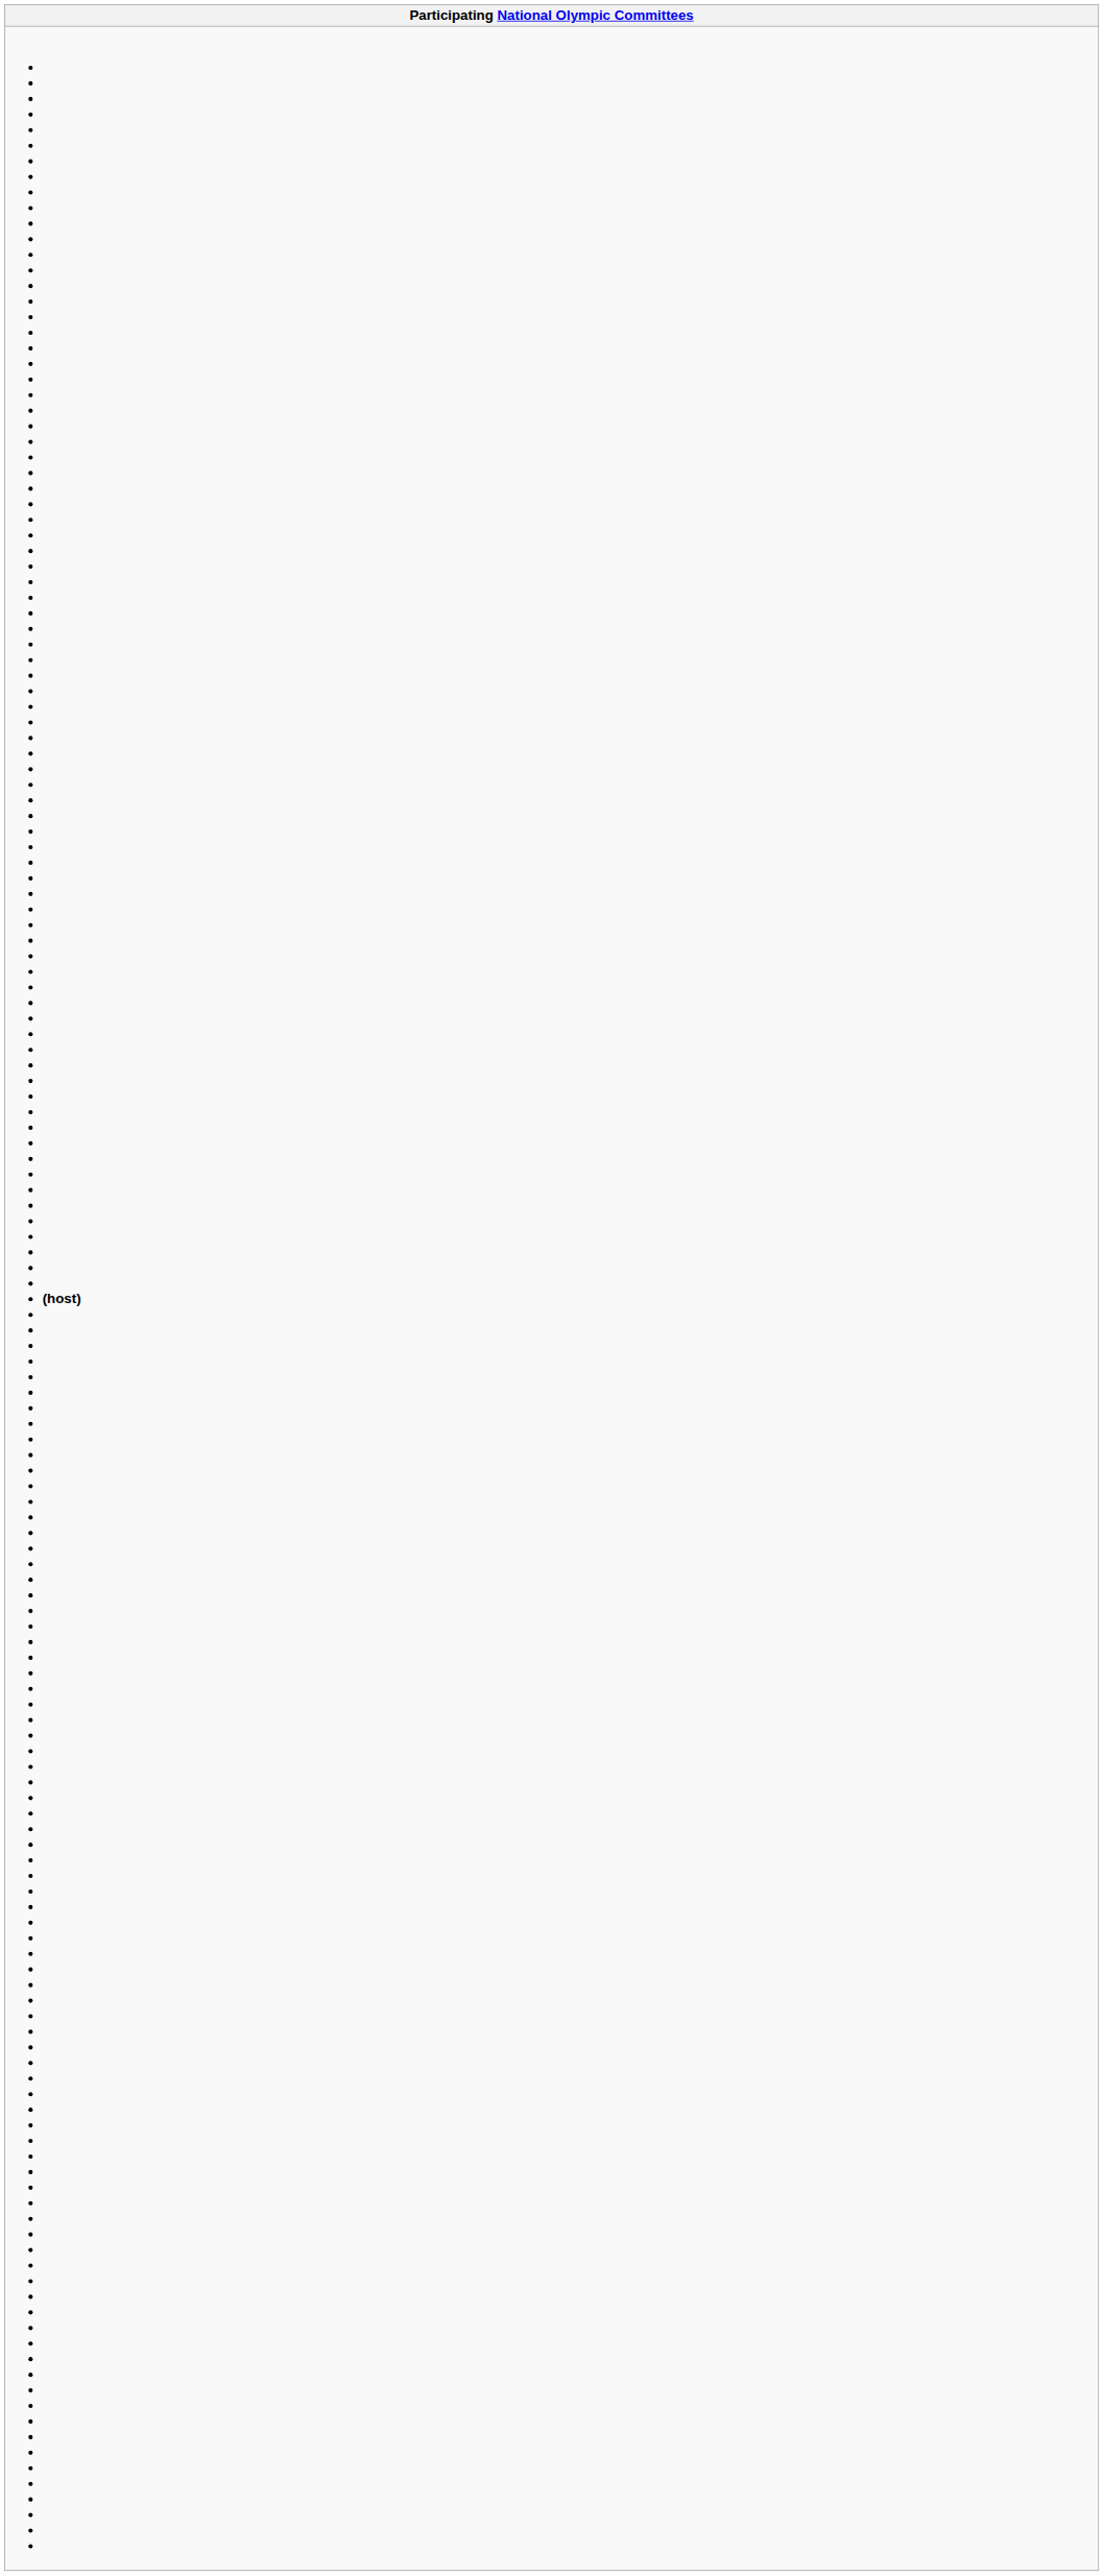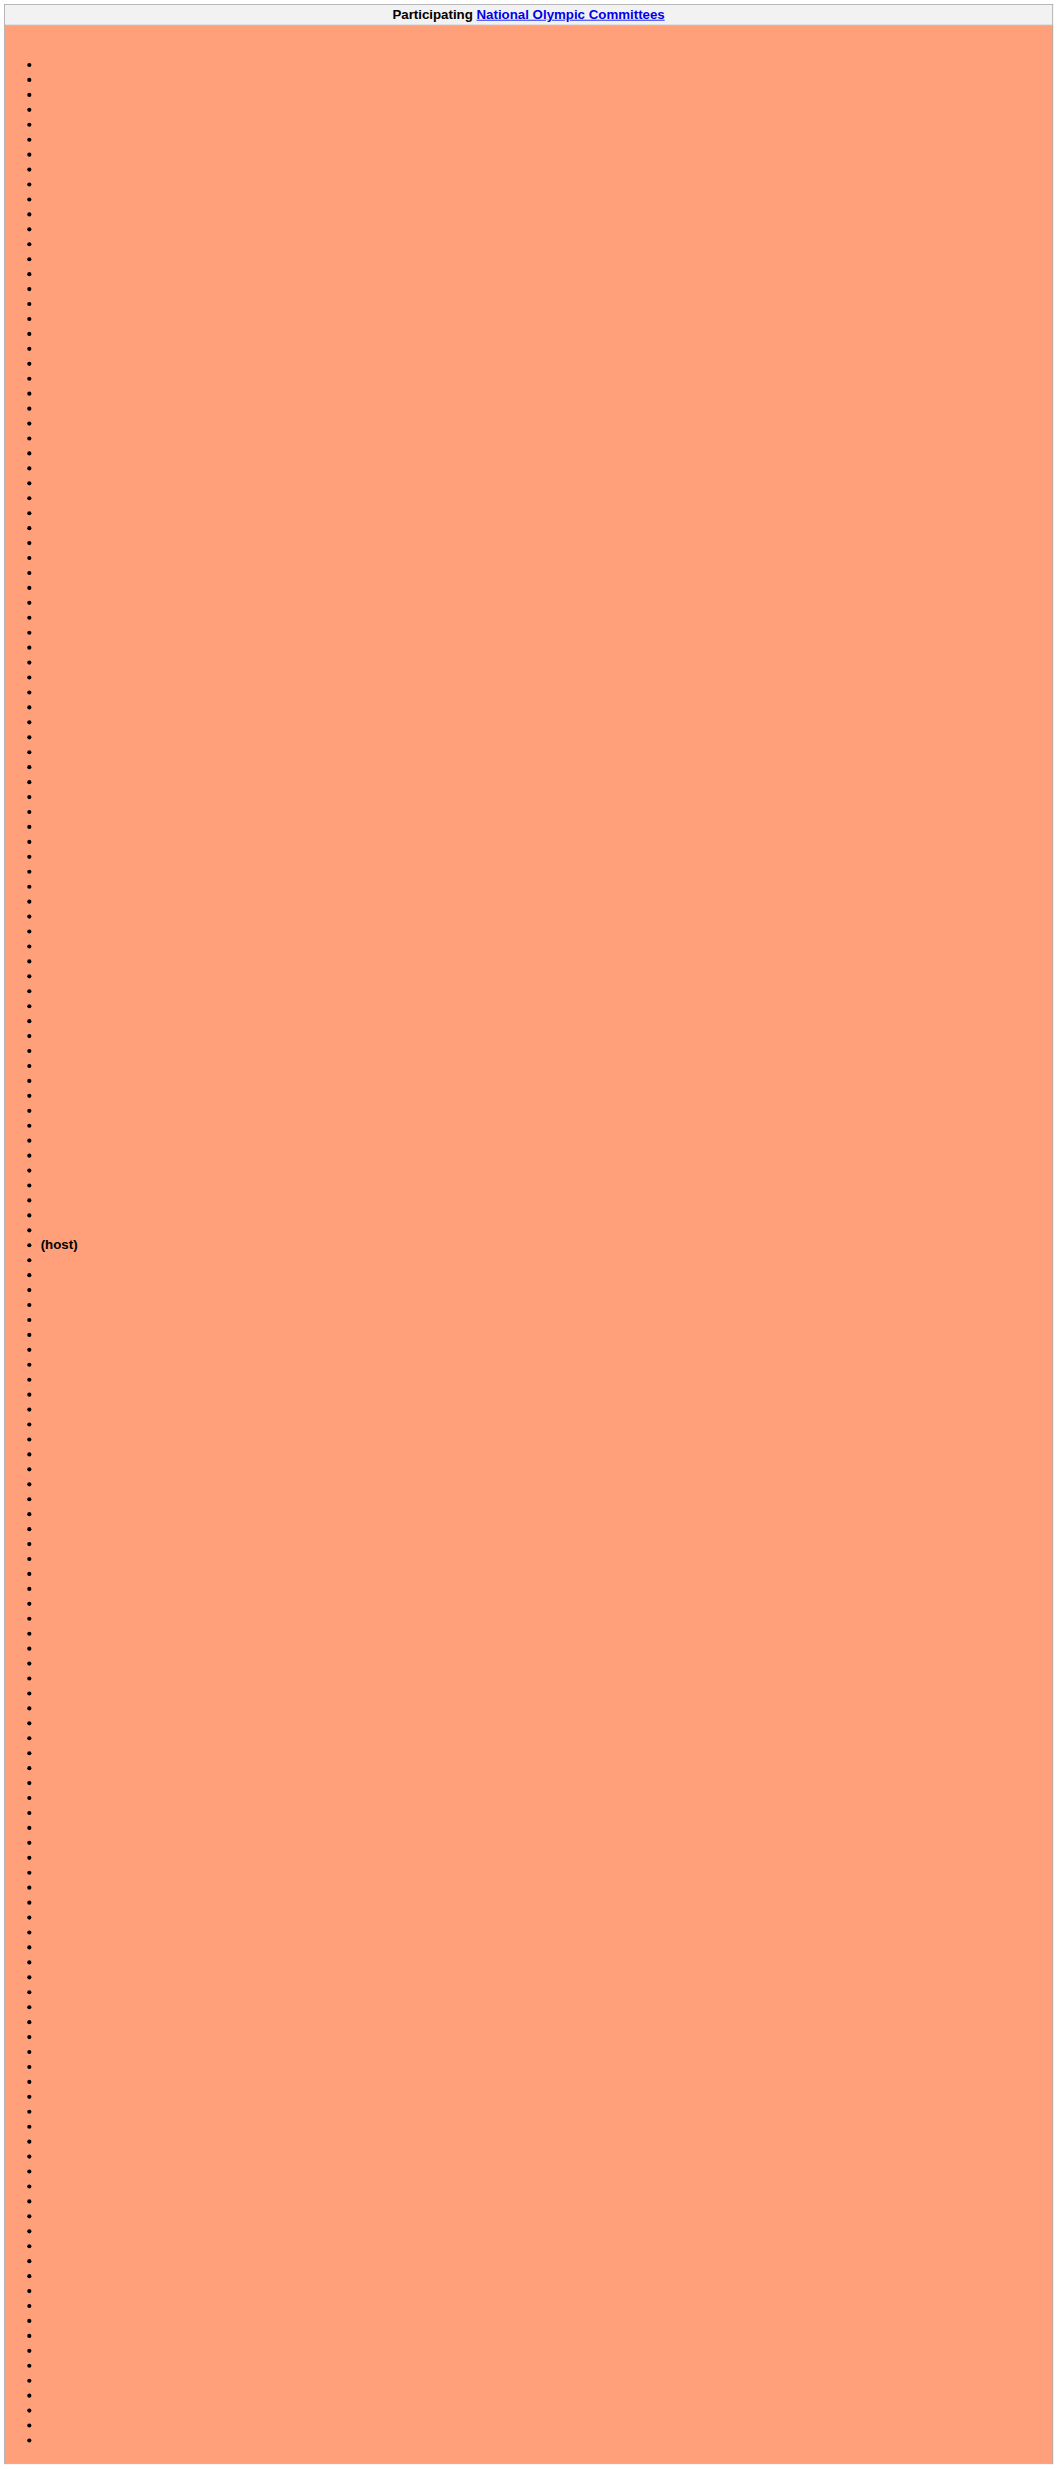 <table class="wikitable collapsible" style="margin:1em auto; width:100%;">
 <tr>
 <th>Participating <a href='#'>National Olympic Committees</a></th>
 </tr>
 <tr>
-<td><br><ul><li></li><li></li><li></li><li></li><li></li><li></li><li></li><li></li><li></li><li></li><li></li><li></li><li></li><li></li><li></li><li></li><li></li><li></li><li></li><li></li><li></li><li></li><li></li><li></li><li></li><li></li><li></li><li></li><li></li><li></li><li></li><li></li><li></li><li></li><li></li><li></li><li></li><li></li><li></li><li></li><li></li><li></li><li></li><li></li><li></li><li></li><li></li><li></li><li></li><li></li><li></li><li></li><li></li><li></li><li></li><li></li><li></li><li></li><li></li><li></li><li></li><li></li><li></li><li></li><li></li><li></li><li></li><li></li><li></li><li></li><li></li><li></li><li></li><li></li><li></li><li></li><li></li><li></li><li></li><li> <strong>(host)</strong></li><li></li><li></li><li></li><li></li><li></li><li></li><li></li><li></li><li></li><li></li><li></li><li></li><li></li><li></li><li></li><li></li><li></li><li></li><li></li><li></li><li></li><li></li><li></li><li></li><li></li><li></li><li></li><li></li><li></li><li></li><li></li><li></li><li></li><li></li><li></li><li></li><li></li><li></li><li></li><li></li><li></li><li></li><li></li><li></li><li></li><li></li><li></li><li></li><li></li><li></li><li></li><li></li><li></li><li></li><li></li><li></li><li></li><li></li><li></li><li></li><li></li><li></li><li></li><li></li><li></li><li></li><li></li><li></li><li></li><li></li><li></li><li></li><li></li><li></li><li></li><li></li><li></li><li></li><li></li><li></li></ul> </td>
+<td style="background: lightsalmon;"><br><ul><li></li><li></li><li></li><li></li><li></li><li></li><li></li><li></li><li></li><li></li><li></li><li></li><li></li><li></li><li></li><li></li><li></li><li></li><li></li><li></li><li></li><li></li><li></li><li></li><li></li><li></li><li></li><li></li><li></li><li></li><li></li><li></li><li></li><li></li><li></li><li></li><li></li><li></li><li></li><li></li><li></li><li></li><li></li><li></li><li></li><li></li><li></li><li></li><li></li><li></li><li></li><li></li><li></li><li></li><li></li><li></li><li></li><li></li><li></li><li></li><li></li><li></li><li></li><li></li><li></li><li></li><li></li><li></li><li></li><li></li><li></li><li></li><li></li><li></li><li></li><li></li><li></li><li></li><li></li><li> <strong>(host)</strong></li><li></li><li></li><li></li><li></li><li></li><li></li><li></li><li></li><li></li><li></li><li></li><li></li><li></li><li></li><li></li><li></li><li></li><li></li><li></li><li></li><li></li><li></li><li></li><li></li><li></li><li></li><li></li><li></li><li></li><li></li><li></li><li></li><li></li><li></li><li></li><li></li><li></li><li></li><li></li><li></li><li></li><li></li><li></li><li></li><li></li><li></li><li></li><li></li><li></li><li></li><li></li><li></li><li></li><li></li><li></li><li></li><li></li><li></li><li></li><li></li><li></li><li></li><li></li><li></li><li></li><li></li><li></li><li></li><li></li><li></li><li></li><li></li><li></li><li></li><li></li><li></li><li></li><li></li><li></li><li></li></ul> </td>
 </tr>
 </table>
